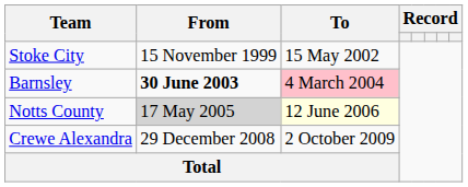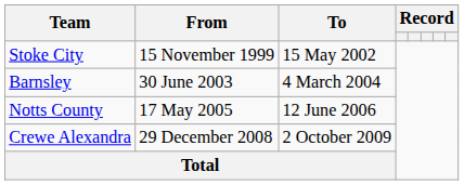 <table class=wikitable style="text-align: center">
 <tr>
 <th rowspan=2>Team</th>
 <th rowspan=2>From</th>
 <th rowspan=2>To</th>
 <th colspan=5>Record</th>
 </tr>
 <tr>
 <th></th>
 <th></th>
 <th></th>
 <th></th>
 <th></th>
 </tr>
 <tr>
 <td align=left><a href='#'>Stoke City</a></td>
 <td align=left>15 November 1999</td>
 <td align=left>15 May 2002<br></td>
 </tr>
 <tr>
 <td align=left><a href='#'>Barnsley</a></td>
-<td align=left><strong>30 June 2003</strong></td>
-<td align=left style="background: pink;">4 March 2004<br></td>
+<td align=left>30 June 2003</td>
+<td align=left>4 March 2004<br></td>
 </tr>
 <tr>
 <td align=left><a href='#'>Notts County</a></td>
-<td align=left style="background: lightgrey;">17 May 2005</td>
-<td align=left style="background: lightyellow;">12 June 2006<br></td>
+<td align=left>17 May 2005</td>
+<td align=left>12 June 2006<br></td>
 </tr>
 <tr>
 <td align=left><a href='#'>Crewe Alexandra</a></td>
 <td align=left>29 December 2008</td>
 <td align=left>2 October 2009<br></td>
 </tr>
 <tr>
 <th colspan=3>Total<br></th>
 </tr>
 </table>
